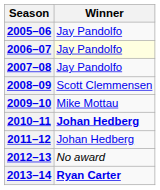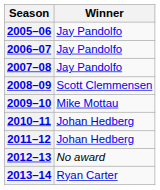 <table class="wikitable">
 <tr>
 <th scope="col">Season</th>
 <th scope="col">Winner</th>
 </tr>
 <tr>
 <th scope="row"><a href='#'>2005–06</a></th>
 <td><a href='#'>Jay Pandolfo</a></td>
 </tr>
 <tr>
 <th scope="row"><a href='#'>2006–07</a></th>
-<td style="background: lightyellow;"><a href='#'>Jay Pandolfo</a></td>
+<td><a href='#'>Jay Pandolfo</a></td>
 </tr>
 <tr>
 <th scope="row"><a href='#'>2007–08</a></th>
 <td><a href='#'>Jay Pandolfo</a></td>
 </tr>
 <tr>
 <th scope="row"><a href='#'>2008–09</a></th>
 <td><a href='#'>Scott Clemmensen</a></td>
 </tr>
 <tr>
 <th scope="row"><a href='#'>2009–10</a></th>
 <td><a href='#'>Mike Mottau</a></td>
 </tr>
 <tr>
 <th scope="row"><a href='#'>2010–11</a></th>
-<td><strong><a href='#'>Johan Hedberg</a></strong></td>
+<td><a href='#'>Johan Hedberg</a></td>
 </tr>
 <tr>
 <th scope="row"><a href='#'>2011–12</a></th>
 <td><a href='#'>Johan Hedberg</a></td>
 </tr>
 <tr>
 <th scope="row"><a href='#'>2012–13</a></th>
 <td><em>No award</em></td>
 </tr>
 <tr>
 <th scope="row"><a href='#'>2013–14</a></th>
-<td><strong><a href='#'>Ryan Carter</a></strong></td>
+<td><a href='#'>Ryan Carter</a></td>
 </tr>
 </table>
